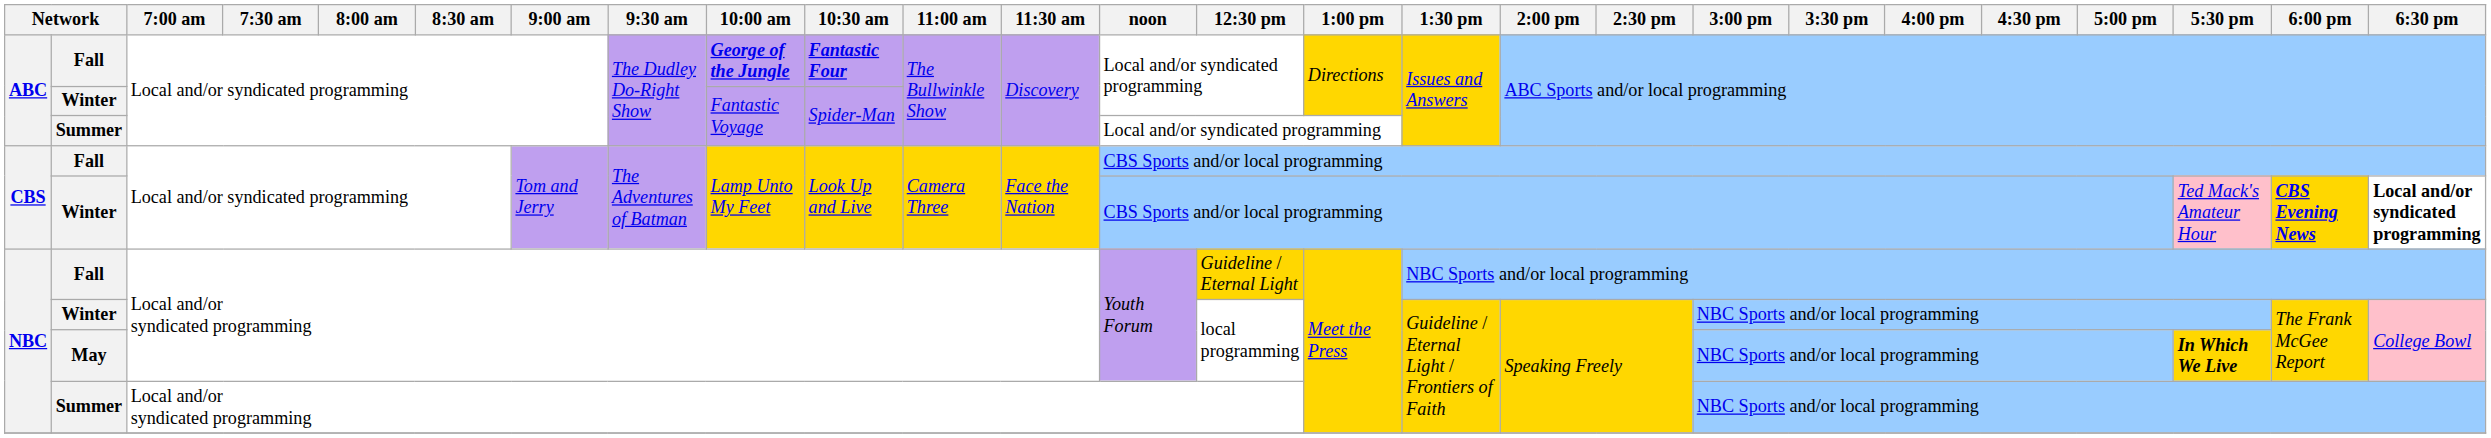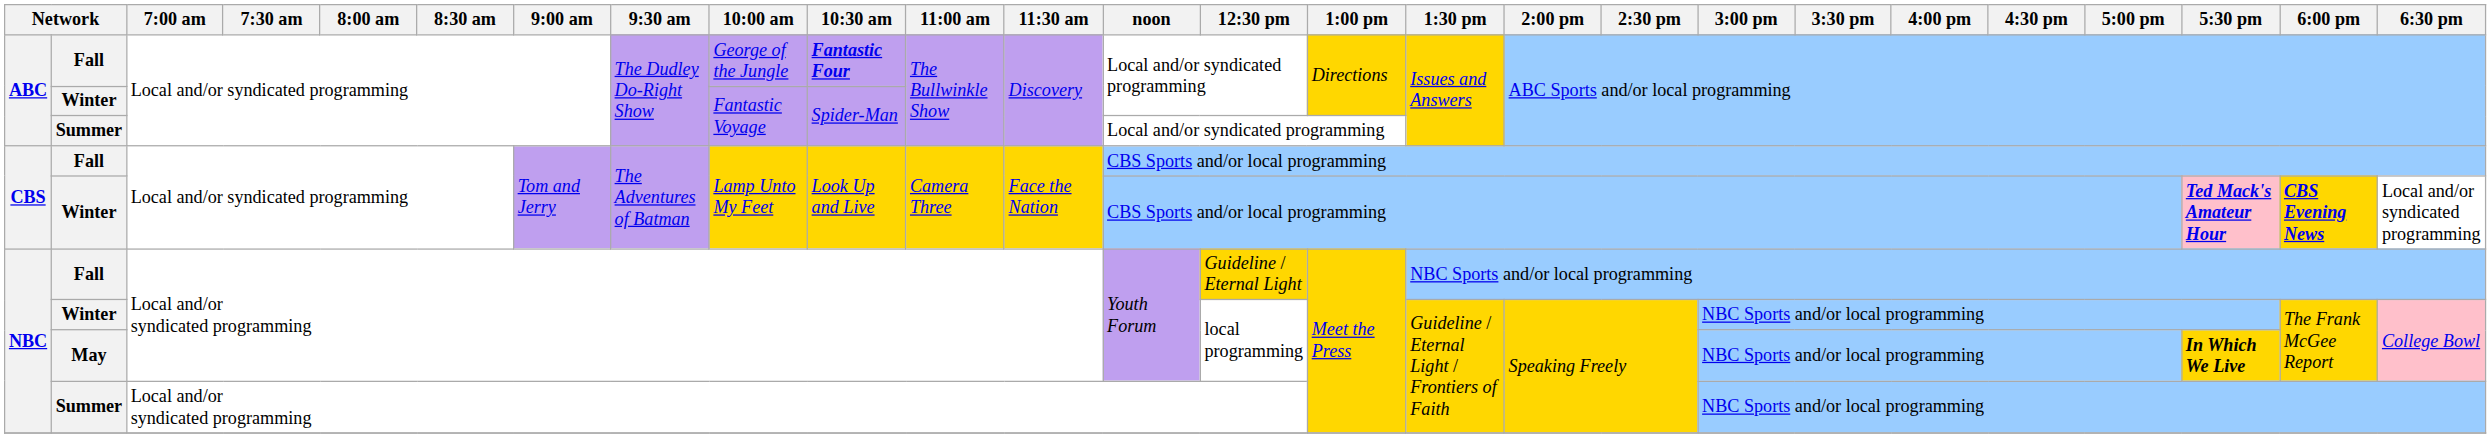 <table class=wikitable style="font-size:90%">
 <tr>
 <th width="1.5%" bgcolor="#C0C0C0" colspan="2">Network</th>
 <th width="4%" bgcolor="#C0C0C0">7:00 am</th>
 <th width="4%" bgcolor="#C0C0C0">7:30 am</th>
 <th width="4%" bgcolor="#C0C0C0">8:00 am</th>
 <th width="4%" bgcolor="#C0C0C0">8:30 am</th>
 <th width="4%" bgcolor="#C0C0C0">9:00 am</th>
 <th width="4%" bgcolor="#C0C0C0">9:30 am</th>
 <th width="4%" bgcolor="#C0C0C0">10:00 am</th>
 <th width="4%" bgcolor="#C0C0C0">10:30 am</th>
 <th width="4%" bgcolor="#C0C0C0">11:00 am</th>
 <th width="4%" bgcolor="#C0C0C0">11:30 am</th>
 <th width="4%" bgcolor="#C0C0C0">noon</th>
 <th width="4%" bgcolor="#C0C0C0">12:30 pm</th>
 <th width="4%" bgcolor="#C0C0C0">1:00 pm</th>
 <th width="4%" bgcolor="#C0C0C0">1:30 pm</th>
 <th width="4%" bgcolor="#C0C0C0">2:00 pm</th>
 <th width="4%" bgcolor="#C0C0C0">2:30 pm</th>
 <th width="4%" bgcolor="#C0C0C0">3:00 pm</th>
 <th width="4%" bgcolor="#C0C0C0">3:30 pm</th>
 <th width="4%" bgcolor="#C0C0C0">4:00 pm</th>
 <th width="4%" bgcolor="#C0C0C0">4:30 pm</th>
 <th width="4%" bgcolor="#C0C0C0">5:00 pm</th>
 <th width="4%" bgcolor="#C0C0C0">5:30 pm</th>
 <th width="4%" bgcolor="#C0C0C0">6:00 pm</th>
 <th width="4%" bgcolor="#C0C0C0">6:30 pm</th>
 </tr>
 <tr>
 <th rowspan="3" bgcolor="#C0C0C0"><a href='#'>ABC</a></th>
 <th>Fall</th>
 <td colspan="5" rowspan="3" bgcolor="white">Local and/or syndicated programming</td>
 <td bgcolor="bf9fef"rowspan="3"><em><a href='#'>The Dudley Do-Right Show</a></em> </td>
-<td bgcolor="bf9fef"rowspan="1"><strong><em><a href='#'>George of the Jungle</a></em> </strong></td>
+<td bgcolor="bf9fef"rowspan="1"><em><a href='#'>George of the Jungle</a></em> </td>
 <td bgcolor="bf9fef"rowspan="1"><strong><em><a href='#'>Fantastic Four</a></em> </strong></td>
 <td bgcolor="bf9fef"rowspan="3"><em><a href='#'>The Bullwinkle Show</a></em> </td>
 <td bgcolor="bf9fef"rowspan="3"><em><a href='#'>Discovery</a></em></td>
 <td colspan="2" rowspan="2" bgcolor="white">Local and/or syndicated programming</td>
 <td bgcolor="gold" rowspan="2"><em>Directions</em></td>
 <td rowspan="3" bgcolor="gold"><em><a href='#'>Issues and Answers</a></em></td>
 <td colspan="10" rowspan="3" bgcolor="99ccff"><a href='#'>ABC Sports</a> and/or local programming</td>
 </tr>
 <tr>
 <th>Winter</th>
 <td bgcolor="bf9fef"rowspan="2"><em><a href='#'>Fantastic Voyage</a></em> </td>
 <td bgcolor="bf9fef"rowspan="2"><em><a href='#'>Spider-Man</a></em></td>
 </tr>
 <tr>
 <th>Summer</th>
 <td colspan="3" bgcolor="white">Local and/or syndicated programming</td>
 </tr>
 <tr>
 <th bgcolor="#C0C0C0" rowspan="2"><a href='#'>CBS</a></th>
 <th>Fall</th>
 <td bgcolor="white" colspan="4" rowspan="2">Local and/or syndicated programming</td>
 <td bgcolor="bf9fef" rowspan="2"><em><a href='#'>Tom and Jerry</a></em> </td>
 <td bgcolor="bf9fef" rowspan="2"><em><a href='#'>The Adventures of Batman</a></em> </td>
 <td bgcolor="gold" rowspan="2"><em><a href='#'>Lamp Unto My Feet</a></em></td>
 <td bgcolor="gold" rowspan="2"><em><a href='#'>Look Up and Live</a></em></td>
 <td bgcolor="gold" rowspan="2"><em><a href='#'>Camera Three</a></em></td>
 <td bgcolor="gold" rowspan="2"><em><a href='#'>Face the Nation</a></em></td>
 <td bgcolor="99ccff"colspan="14"><a href='#'>CBS Sports</a> and/or local programming</td>
 </tr>
 <tr>
 <th>Winter</th>
 <td bgcolor="99ccff"colspan="11"><a href='#'>CBS Sports</a> and/or local programming</td>
-<td bgcolor="pink"><em><a href='#'>Ted Mack's Amateur Hour</a></em></td>
+<td bgcolor="pink"><strong><em><a href='#'>Ted Mack's Amateur Hour</a></em></strong></td>
 <td bgcolor="gold"><strong><em><a href='#'>CBS Evening News</a></em></strong></td>
-<td bgcolor="white"><strong>Local and/or syndicated programming</strong></td>
+<td bgcolor="white">Local and/or syndicated programming</td>
 </tr>
 <tr>
 <th bgcolor="#C0C0C0" rowspan="4"><a href='#'>NBC</a></th>
 <th>Fall</th>
 <td rowspan="3" bgcolor="white" colspan="10">Local and/or<br>syndicated programming</td>
 <td rowspan="3" bgcolor="bf9fef"><em>Youth Forum</em></td>
 <td bgcolor="gold"><em>Guideline</em> / <em>Eternal Light</em></td>
 <td rowspan="4" bgcolor="gold"><em><a href='#'>Meet the Press</a></em></td>
 <td bgcolor="99ccff" colspan="11"><a href='#'>NBC Sports</a> and/or local programming</td>
 </tr>
 <tr>
 <th>Winter</th>
 <td rowspan="2" bgcolor="white">local programming</td>
 <td rowspan="3" bgcolor="gold"><em>Guideline</em> / <em>Eternal Light</em> / <em>Frontiers of Faith</em></td>
 <td rowspan="3" colspan="2" bgcolor="gold"><em>Speaking Freely</em></td>
 <td bgcolor="99ccff" colspan="6"><a href='#'>NBC Sports</a> and/or local programming</td>
 <td rowspan="2" bgcolor="gold"><em>The Frank McGee Report</em></td>
 <td rowspan="2" bgcolor="pink"><em><a href='#'>College Bowl</a></em></td>
 </tr>
 <tr>
 <th>May</th>
 <td bgcolor="99ccff" colspan="5"><a href='#'>NBC Sports</a> and/or local programming</td>
 <td bgcolor="gold"><strong><em>In Which We Live</em></strong></td>
 </tr>
 <tr>
 <th>Summer</th>
 <td bgcolor="white" colspan="12">Local and/or<br>syndicated programming</td>
 <td bgcolor="99ccff" colspan="8"><a href='#'>NBC Sports</a> and/or local programming</td>
 </tr>
 <tr>
 </tr>
 </table>
